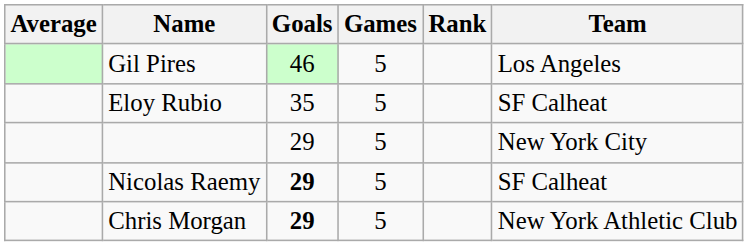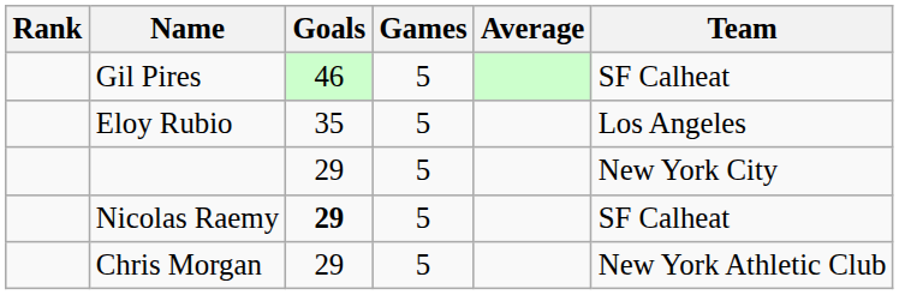 <table class="wikitable sortable"  style="text-align:center">
 <tr>
-<th>Average</th>
+<th>Rank</th>
 <th>Name</th>
 <th>Goals</th>
 <th>Games</th>
-<th>Rank</th>
+<th>Average</th>
 <th>Team</th>
 </tr>
 <tr>
-<td bgcolor=#ccffcc></td>
+<td></td>
 <td align="left">Gil Pires</td>
 <td bgcolor=#ccffcc>46</td>
 <td>5</td>
-<td></td>
-<td align="left">Los Angeles</td>
+<td bgcolor=#ccffcc></td>
+<td align="left">SF Calheat</td>
 </tr>
 <tr>
 <td></td>
 <td align="left">Eloy Rubio</td>
 <td>35</td>
 <td>5</td>
 <td></td>
-<td align="left">SF Calheat</td>
+<td align="left">Los Angeles</td>
 </tr>
 <tr>
 <td></td>
 <td align="left"></td>
 <td>29</td>
 <td>5</td>
 <td></td>
 <td align="left">New York City</td>
 </tr>
 <tr>
 <td></td>
 <td align="left">Nicolas Raemy</td>
 <td><strong>29</strong></td>
 <td>5</td>
 <td></td>
 <td align="left">SF Calheat</td>
 </tr>
 <tr>
 <td></td>
 <td align="left">Chris Morgan</td>
-<td><strong>29</strong></td>
+<td>29</td>
 <td>5</td>
 <td></td>
 <td align="left">New York Athletic Club</td>
 </tr>
 </table>
